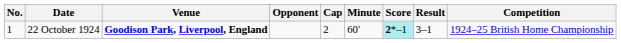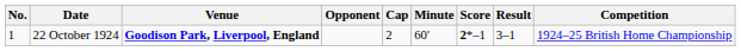 <table class="wikitable">
 <tr>
 <th>No.</th>
 <th>Date</th>
 <th>Venue</th>
 <th>Opponent</th>
 <th>Cap</th>
 <th>Minute</th>
 <th>Score</th>
 <th>Result</th>
 <th>Competition</th>
 </tr>
 <tr>
 <td>1</td>
 <td>22 October 1924</td>
 <td><strong><a href='#'>Goodison Park</a>, <a href='#'>Liverpool</a>, England</strong></td>
 <td></td>
 <td>2</td>
 <td>60'</td>
-<td style="background: paleturquoise;"><strong>2</strong>*–1</td>
+<td><strong>2</strong>*–1</td>
 <td>3–1</td>
 <td rowspan="4"><a href='#'>1924–25 British Home Championship</a></td>
 </tr>
 </table>
